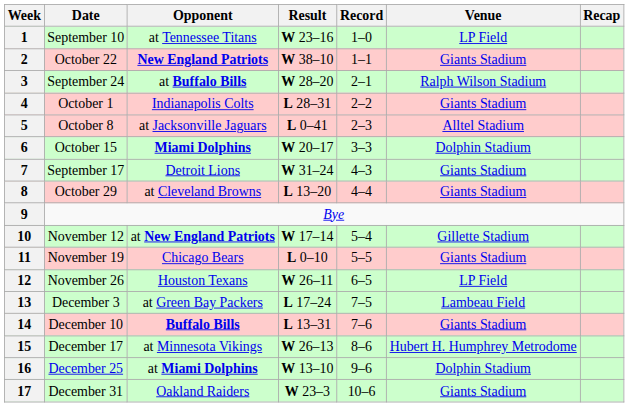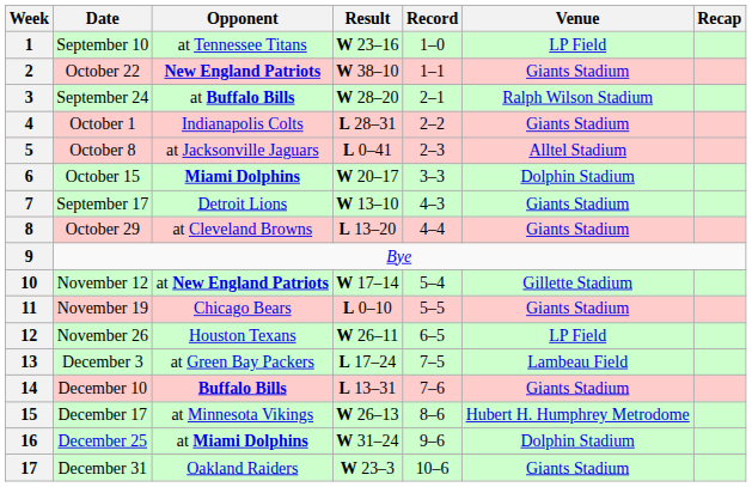 <table class="wikitable"style="text-align:center">
 <tr>
 <th>Week</th>
 <th>Date</th>
 <th>Opponent</th>
 <th>Result</th>
 <th>Record</th>
 <th>Venue</th>
 <th>Recap</th>
 </tr>
 <tr style="background:#cfc">
 <th>1</th>
 <td>September 10</td>
 <td>at <a href='#'>Tennessee Titans</a></td>
 <td><strong>W</strong> 23–16</td>
 <td>1–0</td>
 <td><a href='#'>LP Field</a></td>
 <td></td>
 </tr>
 <tr style="background:#fcc">
 <th>2</th>
 <td>October 22</td>
 <td><strong><a href='#'>New England Patriots</a></strong></td>
 <td><strong>W</strong> 38–10</td>
 <td>1–1</td>
 <td><a href='#'>Giants Stadium</a></td>
 <td></td>
 </tr>
 <tr style="background:#cfc">
 <th>3</th>
 <td>September 24</td>
 <td>at <strong><a href='#'>Buffalo Bills</a></strong></td>
 <td><strong>W</strong> 28–20</td>
 <td>2–1</td>
 <td><a href='#'>Ralph Wilson Stadium</a></td>
 <td></td>
 </tr>
 <tr style="background:#fcc">
 <th>4</th>
 <td>October 1</td>
 <td><a href='#'>Indianapolis Colts</a></td>
 <td><strong>L</strong> 28–31</td>
 <td>2–2</td>
 <td><a href='#'>Giants Stadium</a></td>
 <td></td>
 </tr>
 <tr style="background:#fcc">
 <th>5</th>
 <td>October 8</td>
 <td>at <a href='#'>Jacksonville Jaguars</a></td>
 <td><strong>L</strong> 0–41</td>
 <td>2–3</td>
 <td><a href='#'>Alltel Stadium</a></td>
 <td></td>
 </tr>
 <tr style="background:#cfc">
 <th>6</th>
 <td>October 15</td>
 <td><strong><a href='#'>Miami Dolphins</a></strong></td>
 <td><strong>W</strong> 20–17</td>
 <td>3–3</td>
 <td><a href='#'>Dolphin Stadium</a></td>
 <td></td>
 </tr>
 <tr style="background:#cfc">
 <th>7</th>
 <td>September 17</td>
 <td><a href='#'>Detroit Lions</a></td>
-<td><strong>W</strong> 31–24</td>
+<td><strong>W</strong> 13–10</td>
 <td>4–3</td>
 <td><a href='#'>Giants Stadium</a></td>
 <td></td>
 </tr>
 <tr style="background:#fcc">
 <th>8</th>
 <td>October 29</td>
 <td>at <a href='#'>Cleveland Browns</a></td>
 <td><strong>L</strong> 13–20</td>
 <td>4–4</td>
 <td><a href='#'>Giants Stadium</a></td>
 <td></td>
 </tr>
 <tr>
 <th>9</th>
 <td colspan="6"><em><a href='#'>Bye</a></em></td>
 </tr>
 <tr style="background:#cfc">
 <th>10</th>
 <td>November 12</td>
 <td>at <strong><a href='#'>New England Patriots</a></strong></td>
 <td><strong>W</strong> 17–14</td>
 <td>5–4</td>
 <td><a href='#'>Gillette Stadium</a></td>
 <td></td>
 </tr>
 <tr style="background:#fcc">
 <th>11</th>
 <td>November 19</td>
 <td><a href='#'>Chicago Bears</a></td>
 <td><strong>L</strong> 0–10</td>
 <td>5–5</td>
 <td><a href='#'>Giants Stadium</a></td>
 <td></td>
 </tr>
 <tr style="background:#cfc">
 <th>12</th>
 <td>November 26</td>
 <td><a href='#'>Houston Texans</a></td>
 <td><strong>W</strong> 26–11</td>
 <td>6–5</td>
 <td><a href='#'>LP Field</a></td>
 <td></td>
 </tr>
 <tr style="background:#cfc">
 <th>13</th>
 <td>December 3</td>
 <td>at <a href='#'>Green Bay Packers</a></td>
 <td><strong>L</strong> 17–24</td>
 <td>7–5</td>
 <td><a href='#'>Lambeau Field</a></td>
 <td></td>
 </tr>
 <tr style="background:#fcc">
 <th>14</th>
 <td>December 10</td>
 <td><strong><a href='#'>Buffalo Bills</a></strong></td>
 <td><strong>L</strong> 13–31</td>
 <td>7–6</td>
 <td><a href='#'>Giants Stadium</a></td>
 <td></td>
 </tr>
 <tr style="background:#cfc">
 <th>15</th>
 <td>December 17</td>
 <td>at <a href='#'>Minnesota Vikings</a></td>
 <td><strong>W</strong> 26–13</td>
 <td>8–6</td>
 <td><a href='#'>Hubert H. Humphrey Metrodome</a></td>
 <td></td>
 </tr>
 <tr style="background:#cfc">
 <th>16</th>
 <td><a href='#'>December 25</a></td>
 <td>at <strong><a href='#'>Miami Dolphins</a></strong></td>
-<td><strong>W</strong> 13–10</td>
+<td><strong>W</strong> 31–24</td>
 <td>9–6</td>
 <td><a href='#'>Dolphin Stadium</a></td>
 <td></td>
 </tr>
 <tr style="background:#cfc">
 <th>17</th>
 <td>December 31</td>
 <td><a href='#'>Oakland Raiders</a></td>
 <td><strong>W</strong> 23–3</td>
 <td>10–6</td>
 <td><a href='#'>Giants Stadium</a></td>
 <td></td>
 </tr>
 </table>
